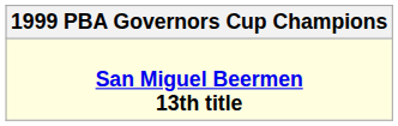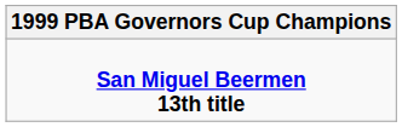 <table class=wikitable style="text-align:center; margin:auto">
 <tr>
 <th>1999 PBA Governors Cup Champions</th>
 </tr>
 <tr>
-<td style="background: lightyellow;"><br> <strong><a href='#'>San Miguel Beermen</a></strong> <br> <strong>13th title</strong></td>
+<td><br> <strong><a href='#'>San Miguel Beermen</a></strong> <br> <strong>13th title</strong></td>
 </tr>
 </table>
